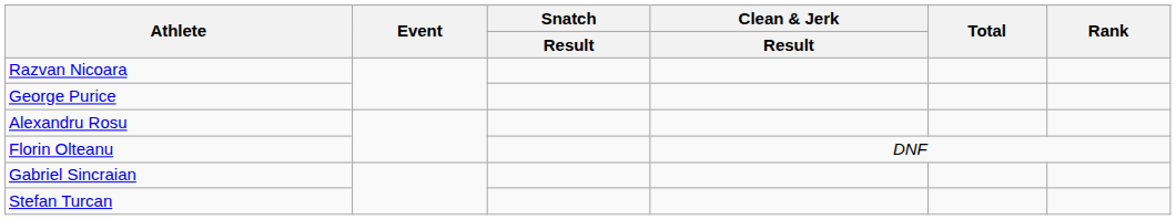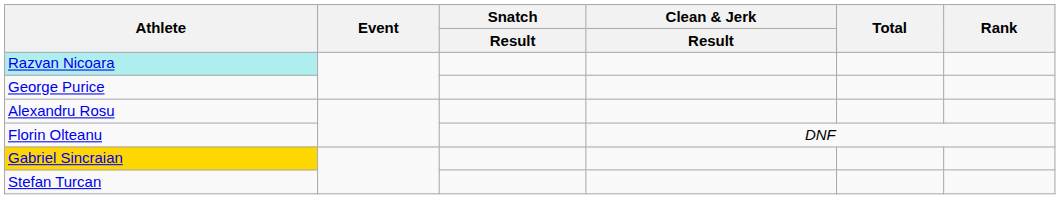 <table class=wikitable style="font-size:90%" width="80%">
 <tr>
 <th rowspan="2">Athlete</th>
 <th rowspan="2">Event</th>
 <th colspan="1">Snatch</th>
 <th colspan="1">Clean & Jerk</th>
 <th rowspan="2">Total</th>
 <th rowspan="2">Rank</th>
 </tr>
 <tr>
 <th>Result</th>
 <th>Result</th>
 </tr>
 <tr>
-<td><a href='#'>Razvan Nicoara</a></td>
+<td style="background: paleturquoise;"><a href='#'>Razvan Nicoara</a></td>
 <td rowspan="2"></td>
 <td></td>
 <td></td>
 <td></td>
 <td></td>
 </tr>
 <tr>
 <td><a href='#'>George Purice</a></td>
 <td></td>
 <td></td>
 <td></td>
 <td></td>
 </tr>
 <tr>
 <td><a href='#'>Alexandru Rosu</a></td>
 <td rowspan="2"></td>
 <td></td>
 <td></td>
 <td></td>
 <td></td>
 </tr>
 <tr>
 <td><a href='#'>Florin Olteanu</a></td>
 <td></td>
 <td colspan="3" style="text-align:center;"><em>DNF</em></td>
 </tr>
 <tr>
-<td><a href='#'>Gabriel Sincraian</a></td>
+<td style="background: gold;"><a href='#'>Gabriel Sincraian</a></td>
 <td rowspan="2"></td>
 <td></td>
 <td></td>
 <td></td>
 <td></td>
 </tr>
 <tr>
 <td><a href='#'>Stefan Turcan</a></td>
 <td></td>
 <td></td>
 <td></td>
 <td></td>
 </tr>
 </table>
